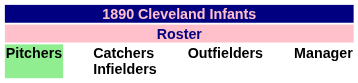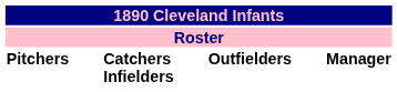 <table class="toccolours" style="font-size: 95%;">
 <tr>
 <th colspan="10" style="background-color: navy; color: pink; text-align: center;">1890 Cleveland Infants</th>
 </tr>
 <tr>
 <td colspan="10" style="background-color: pink; color: navy; text-align: center;"><strong>Roster</strong></td>
 </tr>
 <tr>
-<td valign="top" style="background: lightgreen;"><strong>Pitchers</strong><br>      </td>
+<td valign="top"><strong>Pitchers</strong><br>      </td>
 <td width="25px"></td>
 <td valign="top"><strong>Catchers</strong><br>    <strong>Infielders</strong>    </td>
 <td width="25px"></td>
 <td valign="top"><strong>Outfielders</strong><br>     </td>
 <td width="25px"></td>
 <td valign="top"><strong>Manager</strong><br> </td>
 </tr>
 </table>
